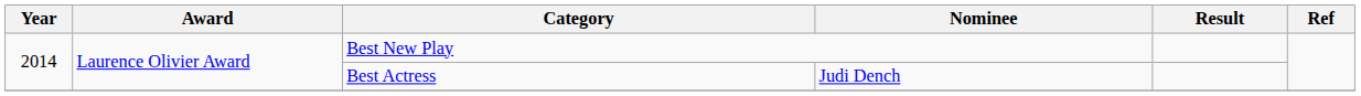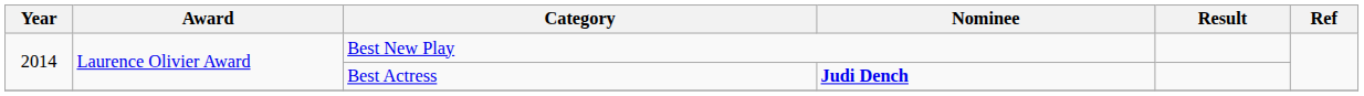 <table class="wikitable" width="95%">
 <tr>
 <th width="5%">Year</th>
 <th width="20%">Award</th>
 <th width="35%">Category</th>
 <th width="25%">Nominee</th>
 <th width="10%">Result</th>
 <th width="5%">Ref</th>
 </tr>
 <tr>
 <td rowspan="2" align="center">2014</td>
 <td rowspan="2"><a href='#'>Laurence Olivier Award</a></td>
 <td colspan="2"><a href='#'>Best New Play</a></td>
 <td></td>
 <td rowspan="2" align="center"></td>
 </tr>
 <tr>
 <td><a href='#'>Best Actress</a></td>
-<td><a href='#'>Judi Dench</a></td>
+<td><strong><a href='#'>Judi Dench</a></strong></td>
 <td></td>
 </tr>
 <tr>
 </tr>
 </table>
